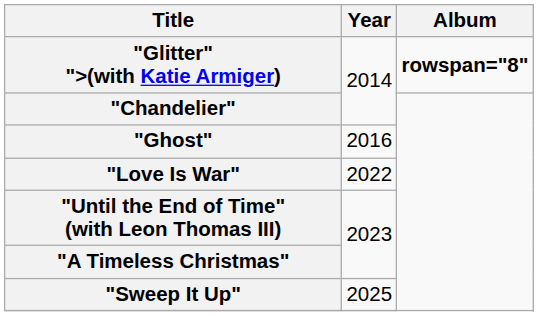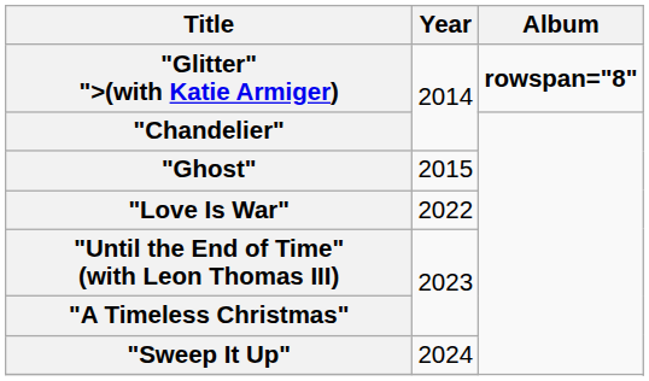 <table class="wikitable plainrowheaders" style="text-align:center;" border="1">
 <tr>
 <th scope="col" style="width:16em;">Title</th>
 <th scope="col">Year</th>
 <th scope="col">Album</th>
 </tr>
 <tr>
 <th scope="row">"Glitter"<br><span>">(with <a href='#'>Katie Armiger</a>)</span></th>
 <td rowspan="2">2014</td>
 <td><strong>rowspan="8" </strong></td>
 </tr>
 <tr>
 <th scope="row">"Chandelier"</th>
 </tr>
 <tr>
 <th scope="row">"Ghost"</th>
-<td>2016</td>
+<td>2015</td>
 </tr>
 <tr>
 <th scope="row">"Love Is War"</th>
 <td>2022</td>
 </tr>
 <tr>
 <th scope="row">"Until the End of Time"<br><span>(with Leon Thomas III)</span></th>
 <td rowspan="2">2023</td>
 </tr>
 <tr>
 <th scope="row">"A Timeless Christmas"</th>
 </tr>
 <tr>
 <th scope="row">"Sweep It Up"</th>
-<td>2025</td>
+<td>2024</td>
 </tr>
 <tr>
 </tr>
 </table>
